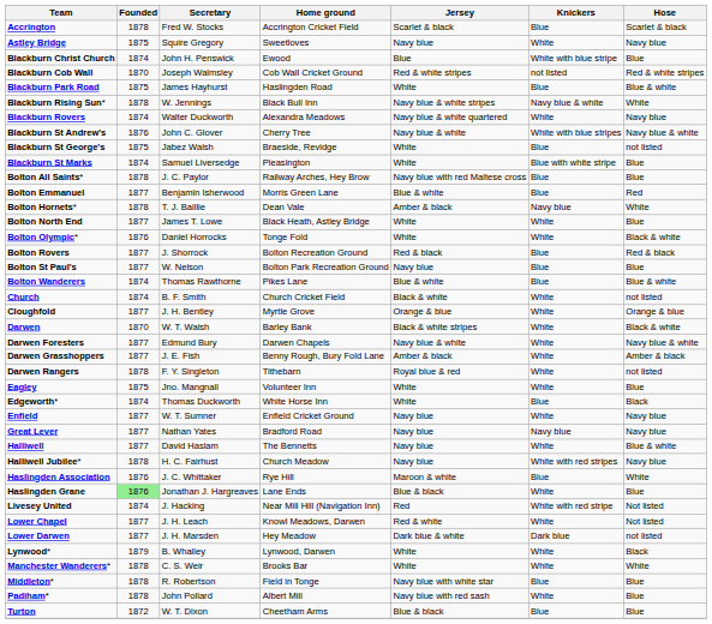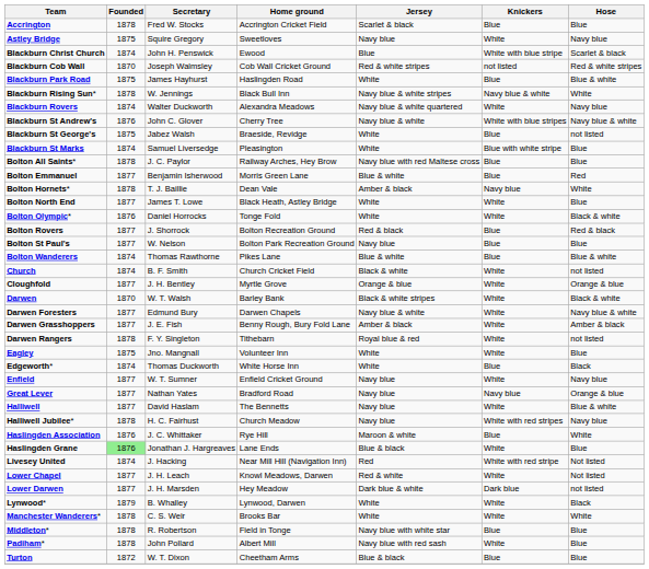 <table class="wikitable sortable" style="font-size: 12px">
 <tr>
 <th>Team</th>
 <th>Founded</th>
 <th>Secretary</th>
 <th>Home ground</th>
 <th>Jersey</th>
 <th>Knickers</th>
 <th>Hose</th>
 </tr>
 <tr>
 <td><strong><a href='#'>Accrington</a></strong></td>
 <td style="text-align: center">1878</td>
 <td>Fred W. Stocks</td>
 <td>Accrington Cricket Field</td>
 <td>Scarlet & black</td>
 <td>Blue</td>
-<td>Scarlet & black</td>
+<td>Blue</td>
 </tr>
 <tr>
 <td><strong><a href='#'>Astley Bridge</a></strong></td>
 <td style="text-align: center">1875</td>
 <td>Squire Gregory</td>
 <td>Sweetloves</td>
 <td>Navy blue</td>
 <td>White</td>
 <td>Navy blue</td>
 </tr>
 <tr>
 <td><strong>Blackburn Christ Church</strong></td>
 <td style="text-align: center">1874</td>
 <td>John H. Penswick</td>
 <td>Ewood</td>
 <td>Blue</td>
 <td>White with blue stripe</td>
-<td>Blue</td>
+<td>Scarlet & black</td>
 </tr>
 <tr>
 <td><strong>Blackburn Cob Wall</strong></td>
 <td style="text-align: center">1870</td>
 <td>Joseph Walmsley</td>
 <td>Cob Wall Cricket Ground</td>
 <td>Red & white stripes</td>
 <td>not listed</td>
 <td>Red & white stripes</td>
 </tr>
 <tr>
 <td><strong><a href='#'>Blackburn Park Road</a></strong></td>
 <td style="text-align: center">1875</td>
 <td>James Hayhurst</td>
 <td>Haslingden Road</td>
 <td>White</td>
 <td>Blue</td>
 <td>Blue & white</td>
 </tr>
 <tr>
 <td><strong>Blackburn Rising Sun</strong>*</td>
 <td style="text-align: center">1878</td>
 <td>W. Jennings</td>
 <td>Black Bull Inn</td>
 <td>Navy blue & white stripes</td>
 <td>Navy blue & white</td>
 <td>White</td>
 </tr>
 <tr>
 <td><strong><a href='#'>Blackburn Rovers</a></strong></td>
 <td style="text-align: center">1874</td>
 <td>Walter Duckworth</td>
 <td>Alexandra Meadows</td>
 <td>Navy blue & white quartered</td>
 <td>White</td>
 <td>Navy blue</td>
 </tr>
 <tr>
 <td><strong>Blackburn St Andrew's</strong></td>
 <td style="text-align: center">1876</td>
 <td>John C. Glover</td>
 <td>Cherry Tree</td>
 <td>Navy blue & white</td>
 <td>White with blue stripes</td>
 <td>Navy blue & white</td>
 </tr>
 <tr>
 <td><strong>Blackburn St George's</strong></td>
 <td style="text-align: center">1875</td>
 <td>Jabez Walsh</td>
 <td>Braeside, Revidge</td>
 <td>White</td>
 <td>Blue</td>
 <td>not listed</td>
 </tr>
 <tr>
 <td><strong><a href='#'>Blackburn St Marks</a></strong></td>
 <td style="text-align: center">1874</td>
 <td>Samuel Liversedge</td>
 <td>Pleasington</td>
 <td>White</td>
 <td>Blue with white stripe</td>
 <td>Blue</td>
 </tr>
 <tr>
 <td><strong>Bolton All Saints</strong>*</td>
 <td style="text-align: center">1878</td>
 <td>J. C. Paylor</td>
 <td>Railway Arches, Hey Brow</td>
 <td>Navy blue with red Maltese cross</td>
 <td>Blue</td>
 <td>Blue</td>
 </tr>
 <tr>
 <td><strong>Bolton Emmanuel</strong></td>
 <td style="text-align: center">1877</td>
 <td>Benjamin Isherwood</td>
 <td>Morris Green Lane</td>
 <td>Blue & white</td>
 <td>Blue</td>
 <td>Red</td>
 </tr>
 <tr>
 <td><strong>Bolton Hornets</strong>*</td>
 <td style="text-align: center">1878</td>
 <td>T. J. Baillie</td>
 <td>Dean Vale</td>
 <td>Amber & black</td>
 <td>Navy blue</td>
 <td>White</td>
 </tr>
 <tr>
 <td><strong>Bolton North End</strong></td>
 <td style="text-align: center">1877</td>
 <td>James T. Lowe</td>
 <td>Black Heath, Astley Bridge</td>
 <td>White</td>
 <td>White</td>
 <td>Blue</td>
 </tr>
 <tr>
 <td><strong><a href='#'>Bolton Olympic</a></strong>*</td>
 <td style="text-align: center">1876</td>
 <td>Daniel Horrocks</td>
 <td>Tonge Fold</td>
 <td>White</td>
 <td>White</td>
 <td>Black & white</td>
 </tr>
 <tr>
 <td><strong>Bolton Rovers</strong></td>
 <td style="text-align: center">1877</td>
 <td>J. Shorrock</td>
 <td>Bolton Recreation Ground</td>
 <td>Red & black</td>
 <td>Blue</td>
 <td>Red & black</td>
 </tr>
 <tr>
 <td><strong>Bolton St Paul's</strong></td>
 <td style="text-align: center">1877</td>
 <td>W. Nelson</td>
 <td>Bolton Park Recreation Ground</td>
 <td>Navy blue</td>
 <td>Blue</td>
 <td>Blue</td>
 </tr>
 <tr>
 <td><strong><a href='#'>Bolton Wanderers</a></strong></td>
 <td style="text-align: center">1874</td>
 <td>Thomas Rawthorne</td>
 <td>Pikes Lane</td>
 <td>Blue & white</td>
 <td>Blue</td>
 <td>Blue & white</td>
 </tr>
 <tr>
 <td><strong><a href='#'>Church</a></strong></td>
 <td style="text-align: center">1874</td>
 <td>B. F. Smith</td>
 <td>Church Cricket Field</td>
 <td>Black & white</td>
 <td>White</td>
 <td>not listed</td>
 </tr>
 <tr>
 <td><strong>Cloughfold</strong></td>
 <td style="text-align: center">1877</td>
 <td>J. H. Bentley</td>
 <td>Myrtle Grove</td>
 <td>Orange & blue</td>
 <td>White</td>
 <td>Orange & blue</td>
 </tr>
 <tr>
 <td><strong><a href='#'>Darwen</a></strong></td>
 <td style="text-align: center">1870</td>
 <td>W. T. Walsh</td>
 <td>Barley Bank</td>
 <td>Black & white stripes</td>
 <td>White</td>
 <td>Black & white</td>
 </tr>
 <tr>
 <td><strong>Darwen Foresters</strong></td>
 <td style="text-align: center">1877</td>
 <td>Edmund Bury</td>
 <td>Darwen Chapels</td>
 <td>Navy blue & white</td>
 <td>White</td>
 <td>Navy blue & white</td>
 </tr>
 <tr>
 <td><strong>Darwen Grasshoppers</strong></td>
 <td style="text-align: center">1877</td>
 <td>J. E. Fish</td>
 <td>Benny Rough, Bury Fold Lane</td>
 <td>Amber & black</td>
 <td>White</td>
 <td>Amber & black</td>
 </tr>
 <tr>
 <td><strong>Darwen Rangers</strong></td>
 <td style="text-align: center">1878</td>
 <td>F. Y. Singleton</td>
 <td>Tithebarn</td>
 <td>Royal blue & red</td>
 <td>White</td>
 <td>not listed</td>
 </tr>
 <tr>
 <td><strong><a href='#'>Eagley</a></strong></td>
 <td style="text-align: center">1875</td>
 <td>Jno. Mangnall</td>
 <td>Volunteer Inn</td>
 <td>White</td>
 <td>White</td>
 <td>Blue</td>
 </tr>
 <tr>
 <td><strong>Edgeworth</strong>*</td>
 <td style="text-align: center">1874</td>
 <td>Thomas Duckworth</td>
 <td>White Horse Inn</td>
 <td>White</td>
 <td>Blue</td>
 <td>Black</td>
 </tr>
 <tr>
 <td><strong><a href='#'>Enfield</a></strong></td>
 <td style="text-align: center">1877</td>
 <td>W. T. Sumner</td>
 <td>Enfield Cricket Ground</td>
 <td>Navy blue</td>
 <td>White</td>
 <td>Navy blue</td>
 </tr>
 <tr>
 <td><strong><a href='#'>Great Lever</a></strong></td>
 <td style="text-align: center">1877</td>
 <td>Nathan Yates</td>
 <td>Bradford Road</td>
 <td>Navy blue</td>
 <td>Navy blue</td>
-<td>Navy blue</td>
+<td>Orange & blue</td>
 </tr>
 <tr>
 <td><strong><a href='#'>Halliwell</a></strong></td>
 <td style="text-align: center">1877</td>
 <td>David Haslam</td>
 <td>The Bennetts</td>
 <td>Navy blue</td>
 <td>White</td>
 <td>Blue & white</td>
 </tr>
 <tr>
 <td><strong>Halliwell Jubilee</strong>*</td>
 <td style="text-align: center">1878</td>
 <td>H. C. Fairhust</td>
 <td>Church Meadow</td>
 <td>Navy blue</td>
 <td>White with red stripes</td>
 <td>Navy blue</td>
 </tr>
 <tr>
 <td><strong><a href='#'>Haslingden Association</a></strong></td>
 <td style="text-align: center">1876</td>
 <td>J. C. Whittaker</td>
 <td>Rye Hill</td>
 <td>Maroon & white</td>
 <td>Blue</td>
 <td>White</td>
 </tr>
 <tr>
 <td><strong>Haslingden Grane</strong></td>
 <td style="background: lightgreen; text-align: center">1876</td>
 <td>Jonathan J. Hargreaves</td>
 <td>Lane Ends</td>
 <td>Blue & black</td>
 <td>White</td>
 <td>Blue</td>
 </tr>
 <tr>
 <td><strong>Livesey United</strong></td>
 <td style="text-align: center">1874</td>
 <td>J. Hacking</td>
 <td>Near Mill Hill (Navigation Inn)</td>
 <td>Red</td>
 <td>White with red stripe</td>
 <td>Not listed</td>
 </tr>
 <tr>
 <td><strong><a href='#'>Lower Chapel</a></strong></td>
 <td style="text-align: center">1877</td>
 <td>J. H. Leach</td>
 <td>Knowl Meadows, Darwen</td>
 <td>Red & white</td>
 <td>White</td>
 <td>Not listed</td>
 </tr>
 <tr>
 <td><strong><a href='#'>Lower Darwen</a></strong></td>
 <td style="text-align: center">1877</td>
 <td>J. H. Marsden</td>
 <td>Hey Meadow</td>
 <td>Dark blue & white</td>
 <td>Dark blue</td>
 <td>not listed</td>
 </tr>
 <tr>
 <td><strong>Lynwood</strong>*</td>
 <td style="text-align: center">1879</td>
 <td>B. Whalley</td>
 <td>Lynwood, Darwen</td>
 <td>White</td>
 <td>White</td>
 <td>Black</td>
 </tr>
 <tr>
 <td><strong><a href='#'>Manchester Wanderers</a></strong>*</td>
 <td style="text-align: center">1878</td>
 <td>C. S. Weir</td>
 <td>Brooks Bar</td>
 <td>White</td>
 <td>White</td>
 <td>White</td>
 </tr>
 <tr>
 <td><strong><a href='#'>Middleton</a></strong>*</td>
 <td style="text-align: center">1878</td>
 <td>R. Robertson</td>
 <td>Field in Tonge</td>
 <td>Navy blue with white star</td>
 <td>Blue</td>
 <td>Blue</td>
 </tr>
 <tr>
 <td><strong><a href='#'>Padiham</a></strong>*</td>
 <td style="text-align: center">1878</td>
 <td>John Pollard</td>
 <td>Albert Mill</td>
 <td>Navy blue with red sash</td>
 <td>White</td>
 <td>Blue</td>
 </tr>
 <tr>
 <td><strong><a href='#'>Turton</a></strong></td>
 <td style="text-align: center">1872</td>
 <td>W. T. Dixon</td>
 <td>Cheetham Arms</td>
 <td>Blue & black</td>
 <td>Blue</td>
 <td>Blue</td>
 </tr>
 <tr>
 </tr>
 </table>
